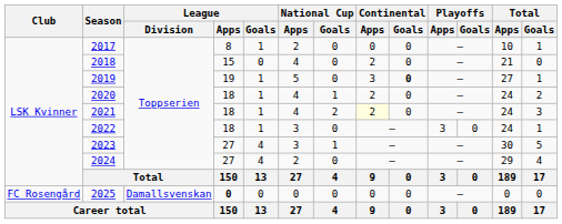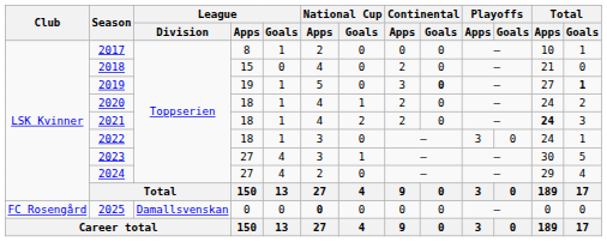 <table class="wikitable" style="text-align:center">
 <tr>
 <th rowspan="2">Club</th>
 <th rowspan="2">Season</th>
 <th colspan="3">League</th>
 <th colspan="2">National Cup</th>
 <th colspan="2">Continental</th>
 <th colspan="2">Playoffs</th>
 <th colspan="2">Total</th>
 </tr>
 <tr>
 <th>Division</th>
 <th>Apps</th>
 <th>Goals</th>
 <th>Apps</th>
 <th>Goals</th>
 <th>Apps</th>
 <th>Goals</th>
 <th>Apps</th>
 <th>Goals</th>
 <th>Apps</th>
 <th>Goals</th>
 </tr>
 <tr>
 <td rowspan="9"><a href='#'>LSK Kvinner</a></td>
 <td><a href='#'>2017</a></td>
 <td rowspan="8"><a href='#'>Toppserien</a></td>
 <td>8</td>
 <td>1</td>
 <td>2</td>
 <td>0</td>
 <td>0</td>
 <td>0</td>
 <td colspan="2">—</td>
 <td>10</td>
 <td>1</td>
 </tr>
 <tr>
 <td><a href='#'>2018</a></td>
 <td>15</td>
 <td>0</td>
 <td>4</td>
 <td>0</td>
 <td>2</td>
 <td>0</td>
 <td colspan="2">—</td>
 <td>21</td>
 <td>0</td>
 </tr>
 <tr>
 <td><a href='#'>2019</a></td>
 <td>19</td>
 <td>1</td>
 <td>5</td>
 <td>0</td>
 <td>3</td>
 <td><strong>0</strong></td>
 <td colspan="2">—</td>
 <td>27</td>
-<td>1</td>
+<td><strong>1</strong></td>
 </tr>
 <tr>
 <td><a href='#'>2020</a></td>
 <td>18</td>
 <td>1</td>
 <td>4</td>
 <td>1</td>
 <td>2</td>
 <td>0</td>
 <td colspan="2">—</td>
 <td>24</td>
 <td>2</td>
 </tr>
 <tr>
 <td><a href='#'>2021</a></td>
 <td>18</td>
 <td>1</td>
 <td>4</td>
 <td>2</td>
-<td style="background: lightyellow;">2</td>
+<td>2</td>
 <td>0</td>
 <td colspan="2">—</td>
-<td>24</td>
+<td><strong>24</strong></td>
 <td>3</td>
 </tr>
 <tr>
 <td><a href='#'>2022</a></td>
 <td>18</td>
 <td>1</td>
 <td>3</td>
 <td>0</td>
 <td colspan="2">—</td>
 <td>3</td>
 <td>0</td>
 <td>24</td>
 <td>1</td>
 </tr>
 <tr>
 <td><a href='#'>2023</a></td>
 <td>27</td>
 <td>4</td>
 <td>3</td>
 <td>1</td>
 <td colspan="2">—</td>
 <td colspan="2">—</td>
 <td>30</td>
 <td>5</td>
 </tr>
 <tr>
 <td><a href='#'>2024</a></td>
 <td>27</td>
 <td>4</td>
 <td>2</td>
 <td>0</td>
 <td colspan="2">—</td>
 <td colspan="2">—</td>
 <td>29</td>
 <td>4</td>
 </tr>
 <tr>
 <th colspan="2">Total</th>
 <th>150</th>
 <th>13</th>
 <th>27</th>
 <th>4</th>
 <th>9</th>
 <th>0</th>
 <th>3</th>
 <th>0</th>
 <th>189</th>
 <th>17</th>
 </tr>
 <tr>
 <td><a href='#'>FC Rosengård</a></td>
 <td><a href='#'>2025</a></td>
 <td><a href='#'>Damallsvenskan</a></td>
-<td><strong>0</strong></td>
 <td>0</td>
 <td>0</td>
+<td><strong>0</strong></td>
 <td>0</td>
 <td>0</td>
 <td>0</td>
 <td colspan="2">—</td>
 <td>0</td>
 <td>0</td>
 </tr>
 <tr>
 <th colspan="3">Career total</th>
 <th>150</th>
 <th>13</th>
 <th>27</th>
 <th>4</th>
 <th>9</th>
 <th>0</th>
 <th>3</th>
 <th>0</th>
 <th>189</th>
 <th>17</th>
 </tr>
 </table>
